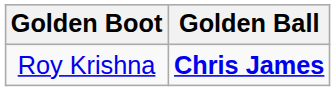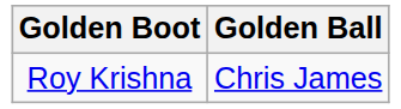 <table class="wikitable" style="text-align: center; margin: 0 auto;">
 <tr>
 <th>Golden Boot</th>
 <th>Golden Ball</th>
 </tr>
 <tr>
 <td> <a href='#'>Roy Krishna</a></td>
-<td><strong> <a href='#'>Chris James</a></strong></td>
+<td> <a href='#'>Chris James</a></td>
 </tr>
 </table>
